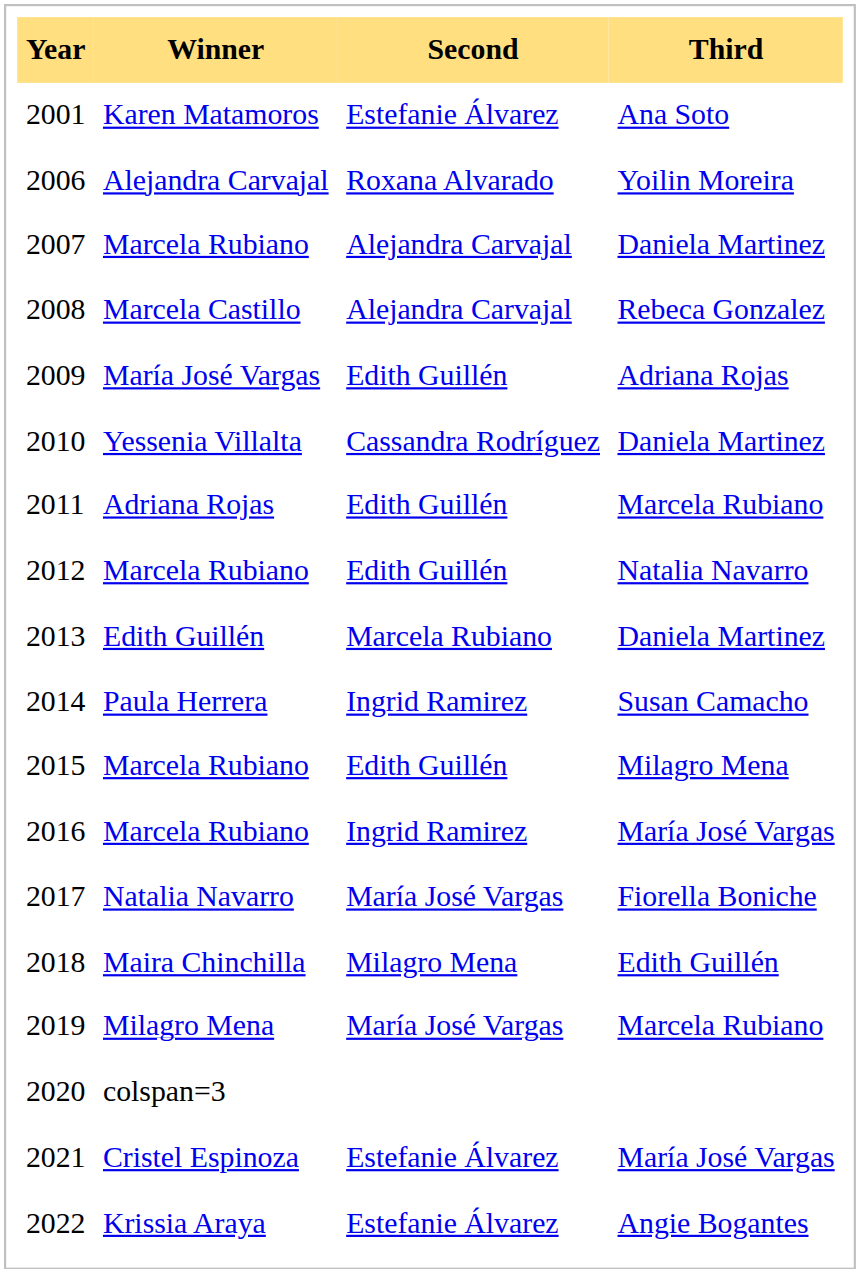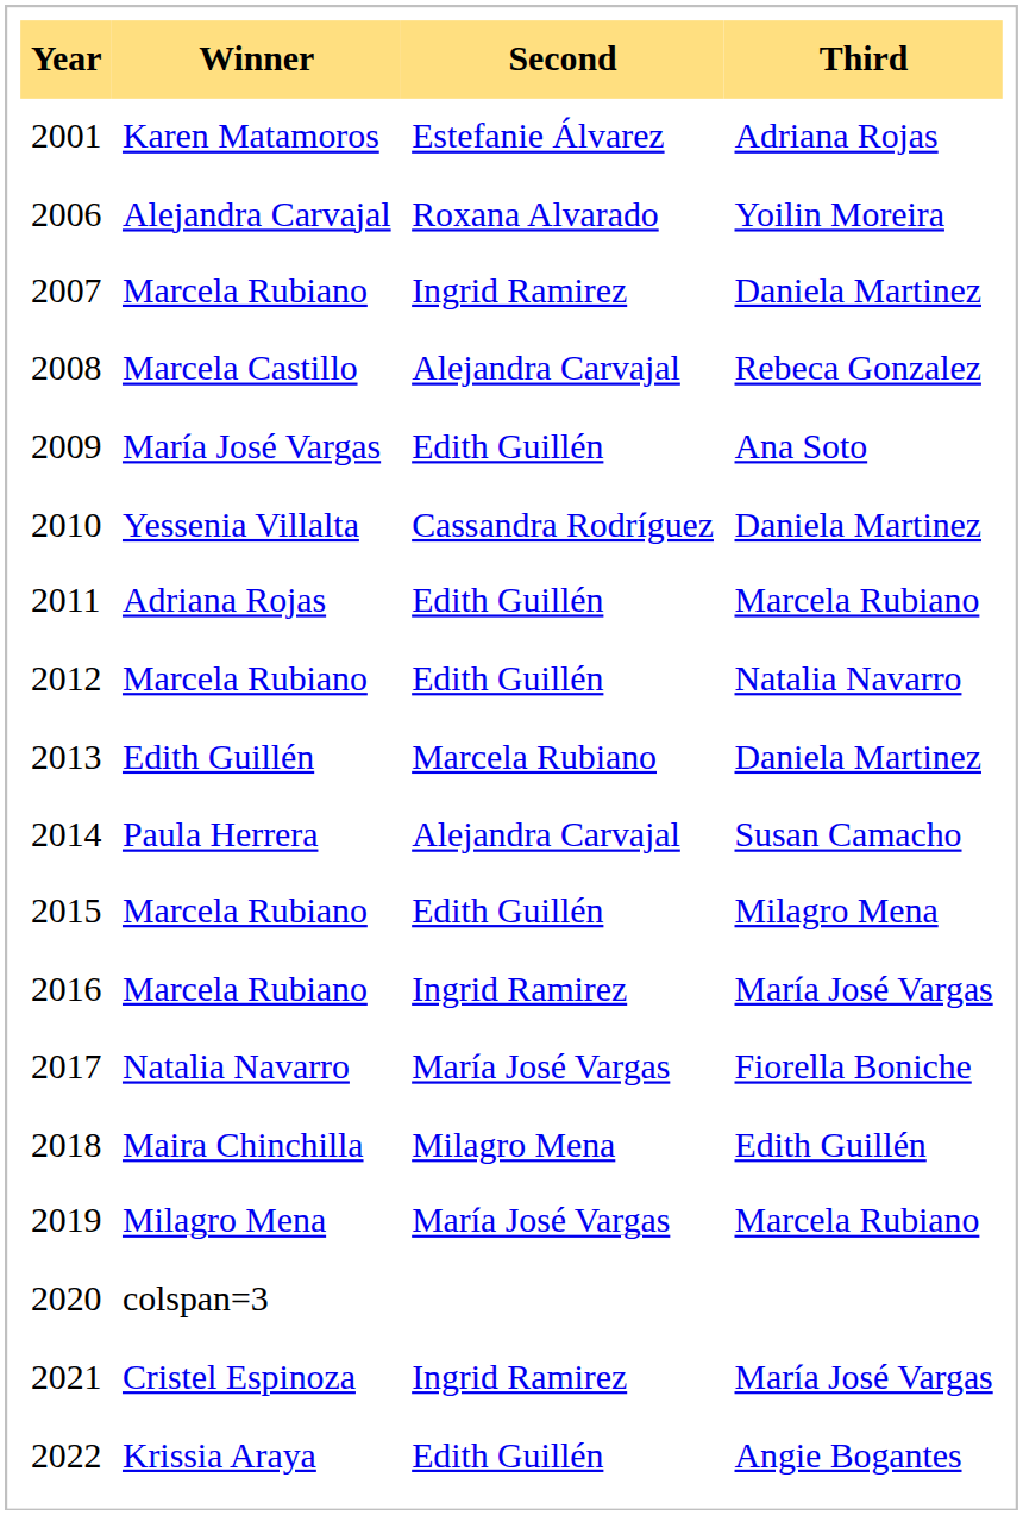 <table cellpadding="4" cellspacing="0"  style="border: 1px solid silver; color: black; margin: 0 0 0.5em 0; background-color: white; padding: 5px; text-align: left; font-size:85%; vertical-align: top; line-height:1.6em;">
 <tr>
 <th scope=col; align="center" bgcolor="FFDF80">Year</th>
 <th scope=col; align="center" bgcolor="FFDF80">Winner</th>
 <th scope=col; align="center" bgcolor="FFDF80">Second</th>
 <th scope=col; align="center" bgcolor="FFDF80">Third</th>
 </tr>
 <tr>
 <td>2001</td>
 <td><a href='#'>Karen Matamoros</a></td>
 <td><a href='#'>Estefanie Álvarez</a></td>
-<td><a href='#'>Ana Soto</a></td>
+<td><a href='#'>Adriana Rojas</a></td>
 </tr>
 <tr>
 <td>2006</td>
 <td><a href='#'>Alejandra Carvajal</a></td>
 <td><a href='#'>Roxana Alvarado</a></td>
 <td><a href='#'>Yoilin Moreira</a></td>
 </tr>
 <tr>
 <td>2007</td>
 <td><a href='#'>Marcela Rubiano</a></td>
-<td><a href='#'>Alejandra Carvajal</a></td>
+<td><a href='#'>Ingrid Ramirez</a></td>
 <td><a href='#'>Daniela Martinez</a></td>
 </tr>
 <tr>
 <td>2008</td>
 <td><a href='#'>Marcela Castillo</a></td>
 <td><a href='#'>Alejandra Carvajal</a></td>
 <td><a href='#'>Rebeca Gonzalez</a></td>
 </tr>
 <tr>
 <td>2009</td>
 <td><a href='#'>María José Vargas</a></td>
 <td><a href='#'>Edith Guillén</a></td>
-<td><a href='#'>Adriana Rojas</a></td>
+<td><a href='#'>Ana Soto</a></td>
 </tr>
 <tr>
 <td>2010</td>
 <td><a href='#'>Yessenia Villalta</a></td>
 <td><a href='#'>Cassandra Rodríguez</a></td>
 <td><a href='#'>Daniela Martinez</a></td>
 </tr>
 <tr>
 <td>2011</td>
 <td><a href='#'>Adriana Rojas</a></td>
 <td><a href='#'>Edith Guillén</a></td>
 <td><a href='#'>Marcela Rubiano</a></td>
 </tr>
 <tr>
 <td>2012</td>
 <td><a href='#'>Marcela Rubiano</a></td>
 <td><a href='#'>Edith Guillén</a></td>
 <td><a href='#'>Natalia Navarro</a></td>
 </tr>
 <tr>
 <td>2013</td>
 <td><a href='#'>Edith Guillén</a></td>
 <td><a href='#'>Marcela Rubiano</a></td>
 <td><a href='#'>Daniela Martinez</a></td>
 </tr>
 <tr>
 <td>2014</td>
 <td><a href='#'>Paula Herrera</a></td>
-<td><a href='#'>Ingrid Ramirez</a></td>
+<td><a href='#'>Alejandra Carvajal</a></td>
 <td><a href='#'>Susan Camacho</a></td>
 </tr>
 <tr>
 <td>2015</td>
 <td><a href='#'>Marcela Rubiano</a></td>
 <td><a href='#'>Edith Guillén</a></td>
 <td><a href='#'>Milagro Mena</a></td>
 </tr>
 <tr>
 <td>2016</td>
 <td><a href='#'>Marcela Rubiano</a></td>
 <td><a href='#'>Ingrid Ramirez</a></td>
 <td><a href='#'>María José Vargas</a></td>
 </tr>
 <tr>
 <td>2017</td>
 <td><a href='#'>Natalia Navarro</a></td>
 <td><a href='#'>María José Vargas</a></td>
 <td><a href='#'>Fiorella Boniche</a></td>
 </tr>
 <tr>
 <td>2018</td>
 <td><a href='#'>Maira Chinchilla</a></td>
 <td><a href='#'>Milagro Mena</a></td>
 <td><a href='#'>Edith Guillén</a></td>
 </tr>
 <tr>
 <td>2019</td>
 <td><a href='#'>Milagro Mena</a></td>
 <td><a href='#'>María José Vargas</a></td>
 <td><a href='#'>Marcela Rubiano</a></td>
 </tr>
 <tr>
 <td>2020</td>
 <td>colspan=3 </td>
 </tr>
 <tr>
 <td>2021</td>
 <td><a href='#'>Cristel Espinoza</a></td>
-<td><a href='#'>Estefanie Álvarez</a></td>
+<td><a href='#'>Ingrid Ramirez</a></td>
 <td><a href='#'>María José Vargas</a></td>
 </tr>
 <tr>
 <td>2022</td>
 <td><a href='#'>Krissia Araya</a></td>
-<td><a href='#'>Estefanie Álvarez</a></td>
+<td><a href='#'>Edith Guillén</a></td>
 <td><a href='#'>Angie Bogantes</a></td>
 </tr>
 </table>
